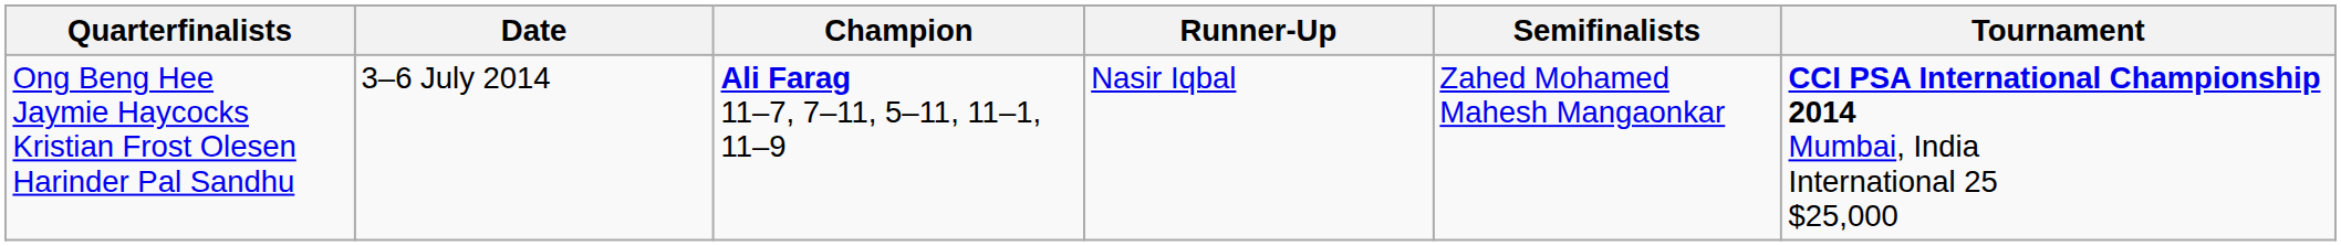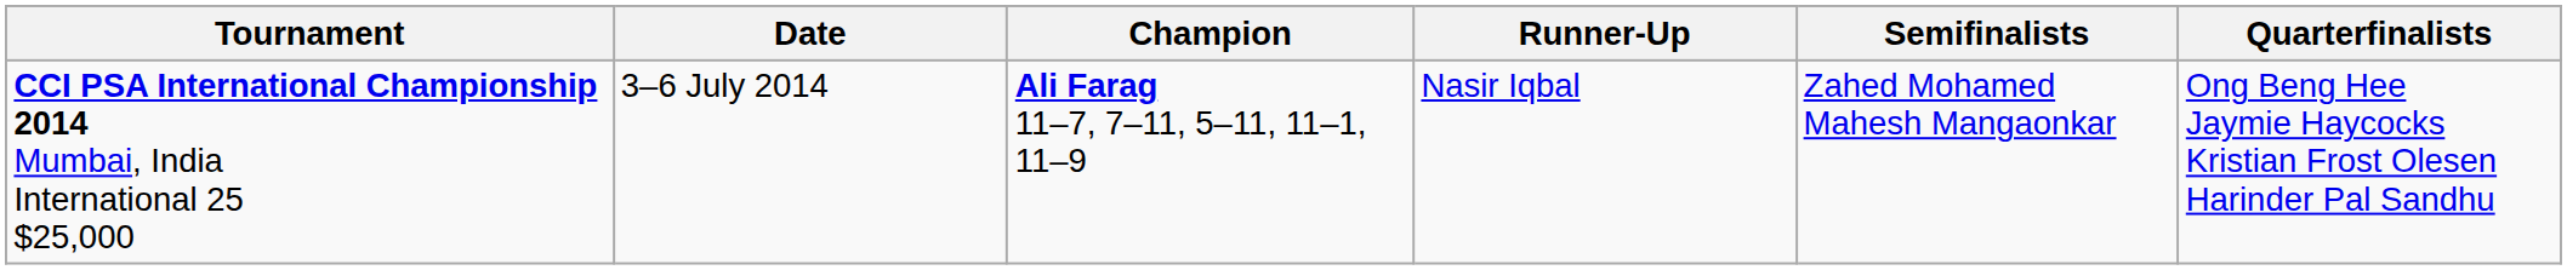 <table class="wikitable" style="font-size:88%">
 <tr>
-<th width=155>Quarterfinalists</th>
+<th width=250>Tournament</th>
 <th width=160>Date</th>
 <th width=165>Champion</th>
 <th width=155>Runner-Up</th>
 <th width=155>Semifinalists</th>
-<th width=250>Tournament</th>
+<th width=155>Quarterfinalists</th>
 </tr>
 <tr valign=top>
-<td> <a href='#'>Ong Beng Hee</a><br> <a href='#'>Jaymie Haycocks</a><br> <a href='#'>Kristian Frost Olesen</a><br> <a href='#'>Harinder Pal Sandhu</a></td>
+<td><strong><a href='#'>CCI PSA International Championship</a> 2014</strong><br> <a href='#'>Mumbai</a>, India<br>International 25<br>$25,000</td>
 <td>3–6 July 2014</td>
 <td> <strong><a href='#'>Ali Farag</a></strong><br>11–7, 7–11, 5–11, 11–1, 11–9</td>
 <td> <a href='#'>Nasir Iqbal</a></td>
 <td> <a href='#'>Zahed Mohamed</a><br> <a href='#'>Mahesh Mangaonkar</a></td>
-<td><strong><a href='#'>CCI PSA International Championship</a> 2014</strong><br> <a href='#'>Mumbai</a>, India<br>International 25<br>$25,000</td>
+<td> <a href='#'>Ong Beng Hee</a><br> <a href='#'>Jaymie Haycocks</a><br> <a href='#'>Kristian Frost Olesen</a><br> <a href='#'>Harinder Pal Sandhu</a></td>
 </tr>
 </table>
